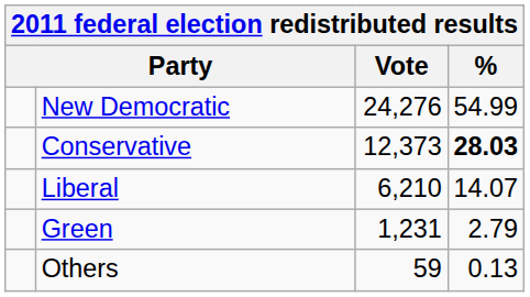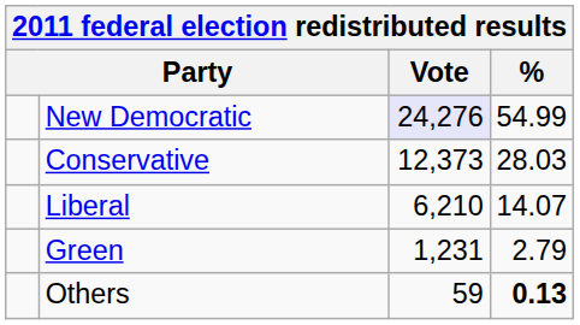 <table class="wikitable">
 <tr>
 <th colspan="4"><a href='#'>2011 federal election</a> redistributed results</th>
 </tr>
 <tr>
 <th bgcolor="#DDDDFF" width="130px" colspan="2">Party</th>
 <th bgcolor="#DDDDFF" width="50px">Vote</th>
 <th bgcolor="#DDDDFF" width="30px">%</th>
 </tr>
 <tr>
 <td> </td>
 <td><a href='#'>New Democratic</a></td>
-<td align=right>24,276</td>
+<td align=right style="background: lavender;">24,276</td>
 <td align=right>54.99</td>
 </tr>
 <tr>
 <td> </td>
 <td><a href='#'>Conservative</a></td>
 <td align=right>12,373</td>
-<td align=right><strong>28.03</strong></td>
+<td align=right>28.03</td>
 </tr>
 <tr>
 <td> </td>
 <td><a href='#'>Liberal</a></td>
 <td align=right>6,210</td>
 <td align=right>14.07</td>
 </tr>
 <tr>
 <td> </td>
 <td><a href='#'>Green</a></td>
 <td align=right>1,231</td>
 <td align=right>2.79</td>
 </tr>
 <tr>
 <td> </td>
 <td>Others</td>
 <td align=right>59</td>
-<td align=right>0.13</td>
+<td align=right><strong>0.13</strong></td>
 </tr>
 </table>
